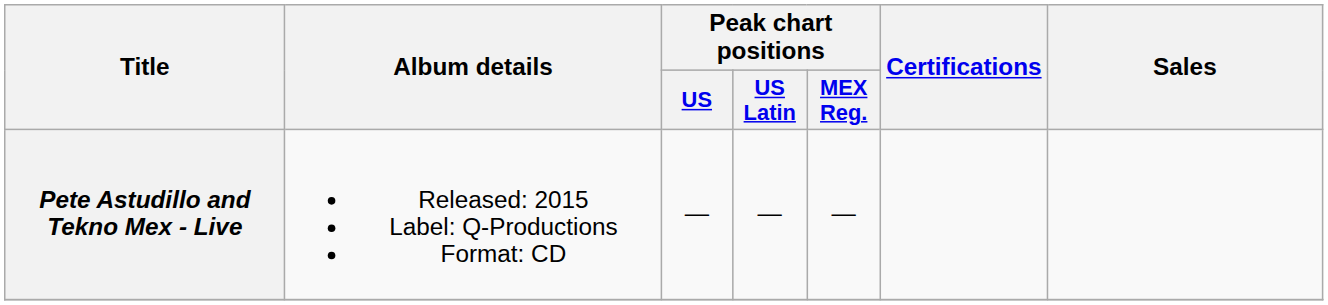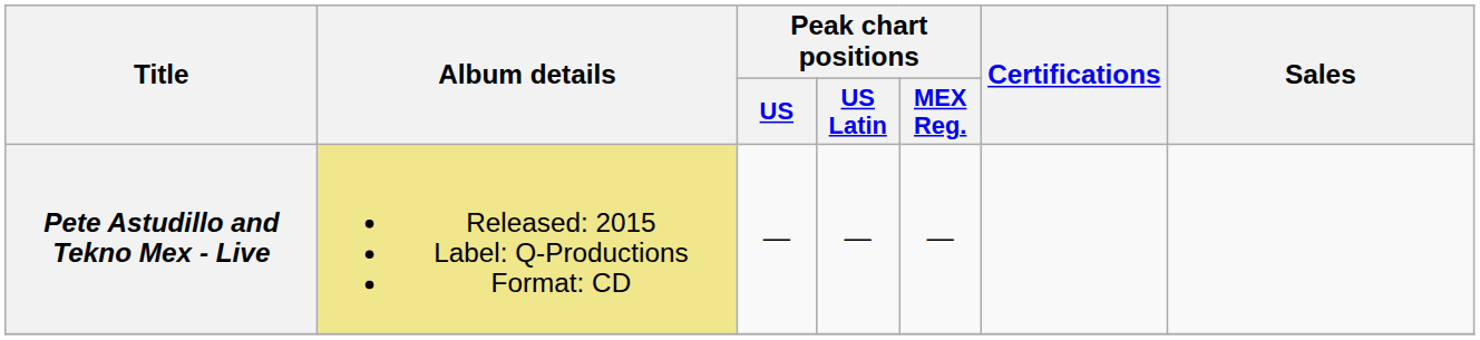 <table class="wikitable plainrowheaders" style="text-align:center;">
 <tr>
 <th scope="col" rowspan="2" style="width:12em;">Title</th>
 <th scope="col" rowspan="2" style="width:16em;">Album details</th>
 <th scope="col" colspan="3">Peak chart positions</th>
 <th scope="col" rowspan="2"><a href='#'>Certifications</a></th>
 <th scope="col" rowspan="2" style="width:12em;">Sales</th>
 </tr>
 <tr>
 <th scope="col" style="width:3em;font-size:90%;"><a href='#'>US</a><br></th>
 <th scope="col" style="width:3em;font-size:90%;"><a href='#'>US<br>Latin</a><br></th>
 <th scope="col" style="width:3em;font-size:90%;"><a href='#'>MEX<br>Reg.</a><br></th>
 </tr>
 <tr>
 <th scope="row"><em>Pete Astudillo and Tekno Mex - Live</em></th>
-<td><br><ul><li>Released: 2015</li><li>Label: Q-Productions</li><li>Format: CD</li></ul></td>
+<td style="background: khaki;"><br><ul><li>Released: 2015</li><li>Label: Q-Productions</li><li>Format: CD</li></ul></td>
 <td>—</td>
 <td>—</td>
 <td>—</td>
 <td></td>
 <td></td>
 </tr>
 <tr>
 </tr>
 </table>
